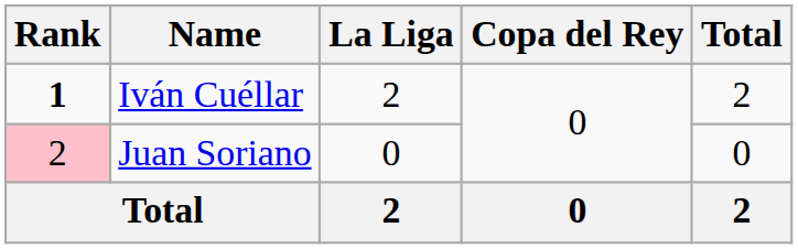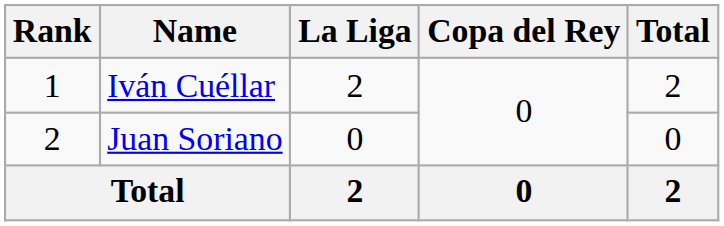 <table class="wikitable" style="text-align: center;">
 <tr>
 <th>Rank</th>
 <th>Name</th>
 <th>La Liga</th>
 <th>Copa del Rey</th>
 <th>Total</th>
 </tr>
 <tr>
-<td><strong>1</strong></td>
+<td>1</td>
 <td align=left> <a href='#'>Iván Cuéllar</a></td>
 <td>2</td>
 <td rowspan=2>0</td>
 <td>2</td>
 </tr>
 <tr>
-<td style="background: pink;">2</td>
+<td>2</td>
 <td align=left> <a href='#'>Juan Soriano</a></td>
 <td>0</td>
 <td>0</td>
 </tr>
 <tr>
 <th colspan=2>Total</th>
 <th>2</th>
 <th>0</th>
 <th>2</th>
 </tr>
 </table>
